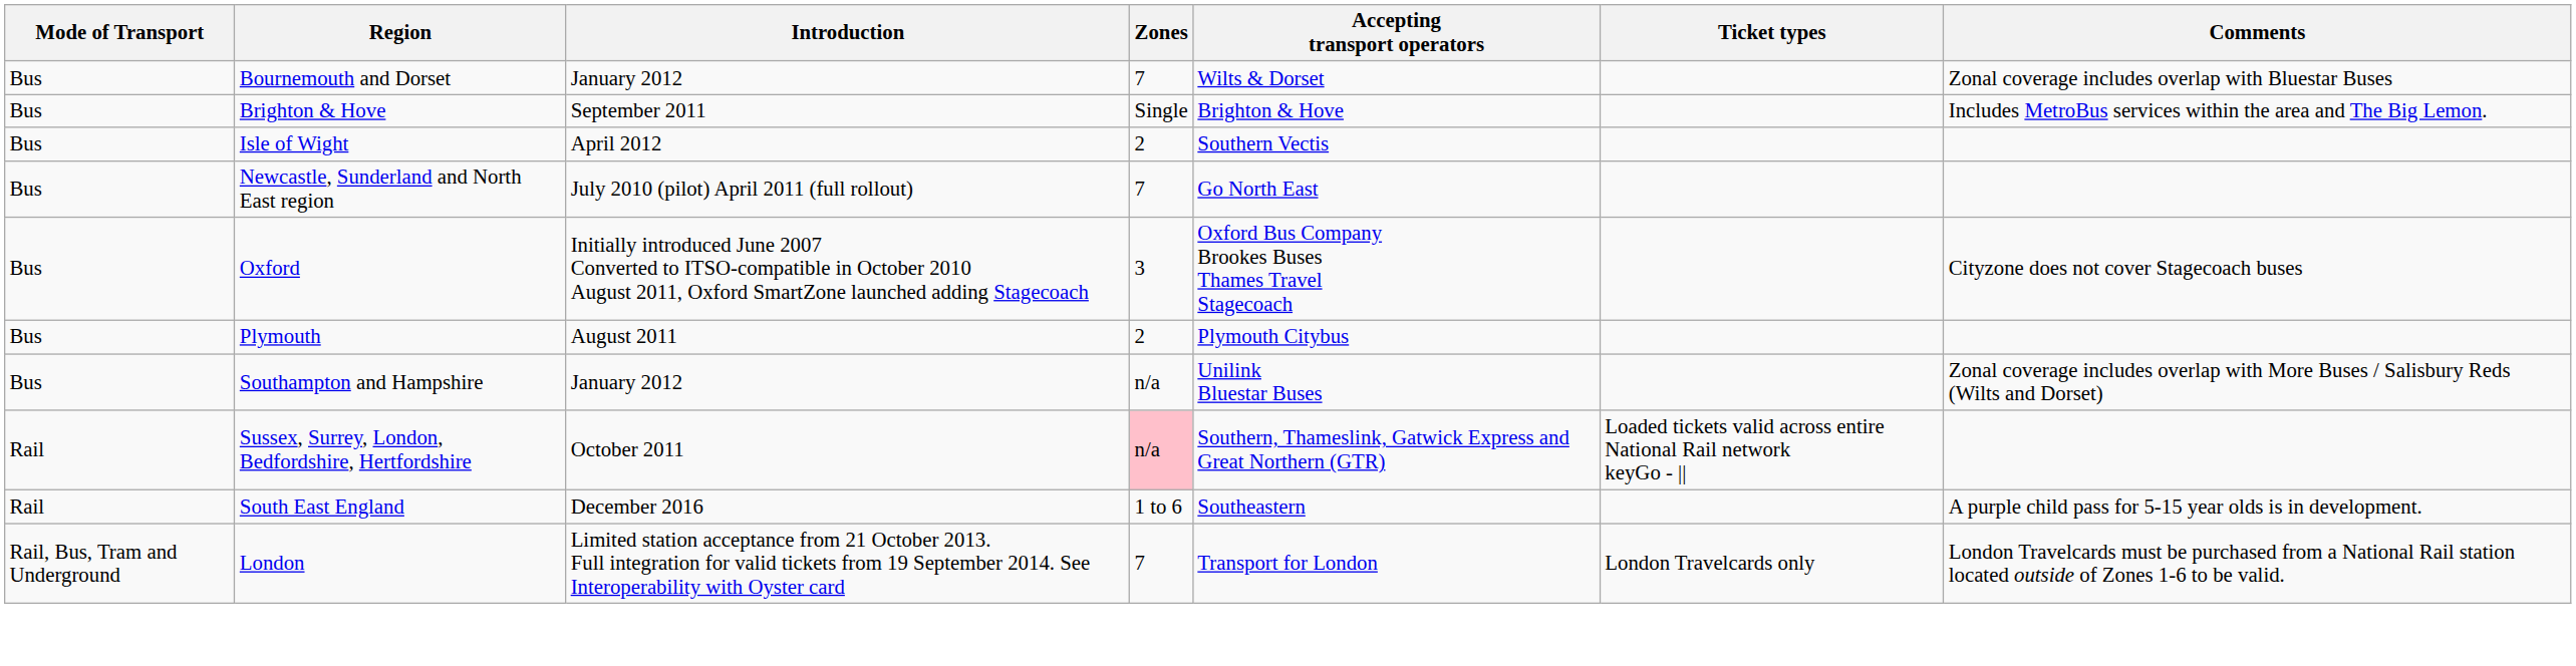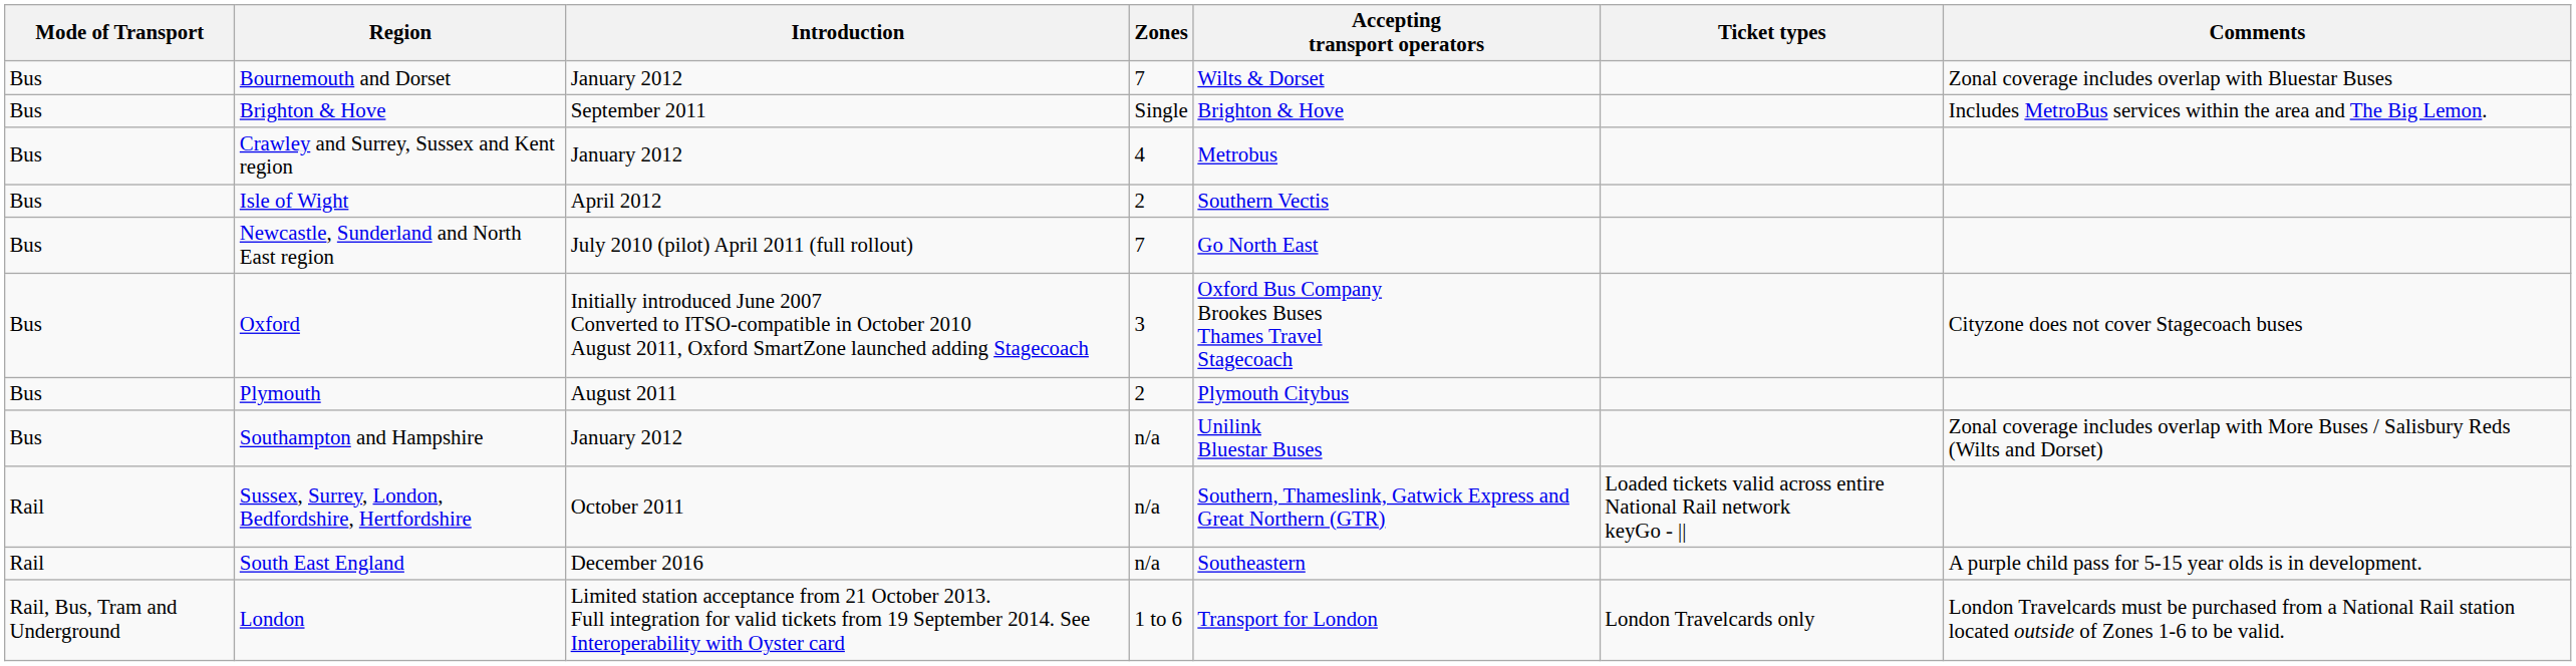 <table class="wikitable">
 <tr>
 <th>Mode of Transport</th>
 <th>Region</th>
 <th>Introduction</th>
 <th>Zones</th>
 <th>Accepting <br> transport operators</th>
 <th>Ticket types</th>
 <th>Comments</th>
 </tr>
 <tr>
 <td>Bus</td>
 <td><a href='#'>Bournemouth</a> and Dorset</td>
 <td>January 2012</td>
 <td>7</td>
 <td><a href='#'>Wilts & Dorset</a></td>
 <td><br> </td>
 <td>Zonal coverage includes overlap with Bluestar Buses</td>
 </tr>
 <tr>
 <td>Bus</td>
 <td><a href='#'>Brighton & Hove</a></td>
 <td>September 2011</td>
 <td>Single</td>
 <td><a href='#'>Brighton & Hove</a></td>
 <td><em></em></td>
 <td>Includes <a href='#'>MetroBus</a> services within the area and <a href='#'>The Big Lemon</a>.</td>
+</tr>
+<tr>
+<td>Bus</td>
+<td><a href='#'>Crawley</a> and Surrey, Sussex and Kent region</td>
+<td>January 2012</td>
+<td>4</td>
+<td><a href='#'>Metrobus</a></td>
+<td><br> </td>
+<td></td>
 </tr>
 <tr>
 <td>Bus</td>
 <td><a href='#'>Isle of Wight</a></td>
 <td>April 2012</td>
 <td>2</td>
 <td><a href='#'>Southern Vectis</a></td>
 <td><br>  </td>
 <td></td>
 </tr>
 <tr>
 <td>Bus</td>
 <td><a href='#'>Newcastle</a>, <a href='#'>Sunderland</a> and North East region</td>
 <td>July 2010 (pilot) April 2011 (full rollout)</td>
 <td>7</td>
 <td><a href='#'>Go North East</a></td>
 <td><br> </td>
 <td></td>
 </tr>
 <tr>
 <td>Bus</td>
 <td><a href='#'>Oxford</a></td>
 <td>Initially introduced June 2007<br>Converted to ITSO-compatible in October 2010<br>August 2011, Oxford SmartZone launched adding <a href='#'>Stagecoach</a></td>
 <td>3</td>
 <td><a href='#'>Oxford Bus Company</a><br>Brookes Buses<br><a href='#'>Thames Travel</a><br><a href='#'>Stagecoach</a></td>
 <td></td>
 <td>Cityzone does not cover Stagecoach buses <br></td>
 </tr>
 <tr>
 <td>Bus</td>
 <td><a href='#'>Plymouth</a></td>
 <td>August 2011</td>
 <td>2</td>
 <td><a href='#'>Plymouth Citybus</a></td>
 <td></td>
 <td></td>
 </tr>
 <tr>
 <td>Bus</td>
 <td><a href='#'>Southampton</a> and Hampshire</td>
 <td>January 2012</td>
 <td>n/a</td>
 <td><a href='#'>Unilink</a> <br> <a href='#'>Bluestar Buses</a></td>
 <td><em></em> <br> </td>
 <td>Zonal coverage includes overlap with More Buses / Salisbury Reds (Wilts and Dorset)</td>
 </tr>
 <tr>
 <td>Rail</td>
 <td><a href='#'>Sussex</a>, <a href='#'>Surrey</a>, <a href='#'>London</a>, <a href='#'>Bedfordshire</a>, <a href='#'>Hertfordshire</a></td>
 <td>October 2011</td>
-<td style="background: pink;">n/a</td>
+<td>n/a</td>
 <td><a href='#'>Southern, Thameslink, Gatwick Express and Great Northern (GTR)</a></td>
 <td>Loaded tickets valid across entire National Rail network<br>keyGo - ||</td>
 </tr>
 <tr>
 <td>Rail</td>
 <td><a href='#'>South East England</a></td>
 <td>December 2016</td>
-<td>1 to 6</td>
+<td>n/a</td>
 <td><a href='#'>Southeastern</a></td>
 <td></td>
 <td>A purple child pass for 5-15 year olds is in development.</td>
 </tr>
 <tr>
 <td>Rail, Bus, Tram and Underground</td>
 <td><a href='#'>London</a></td>
 <td>Limited station acceptance from 21 October 2013.<br>Full integration for valid tickets from 19 September 2014. See <a href='#'>Interoperability with Oyster card</a></td>
-<td>7</td>
+<td>1 to 6</td>
 <td><a href='#'>Transport for London</a></td>
 <td>London Travelcards only</td>
 <td>London Travelcards must be purchased from a National Rail station located <em>outside</em> of Zones 1-6 to be valid.</td>
 </tr>
 </table>
